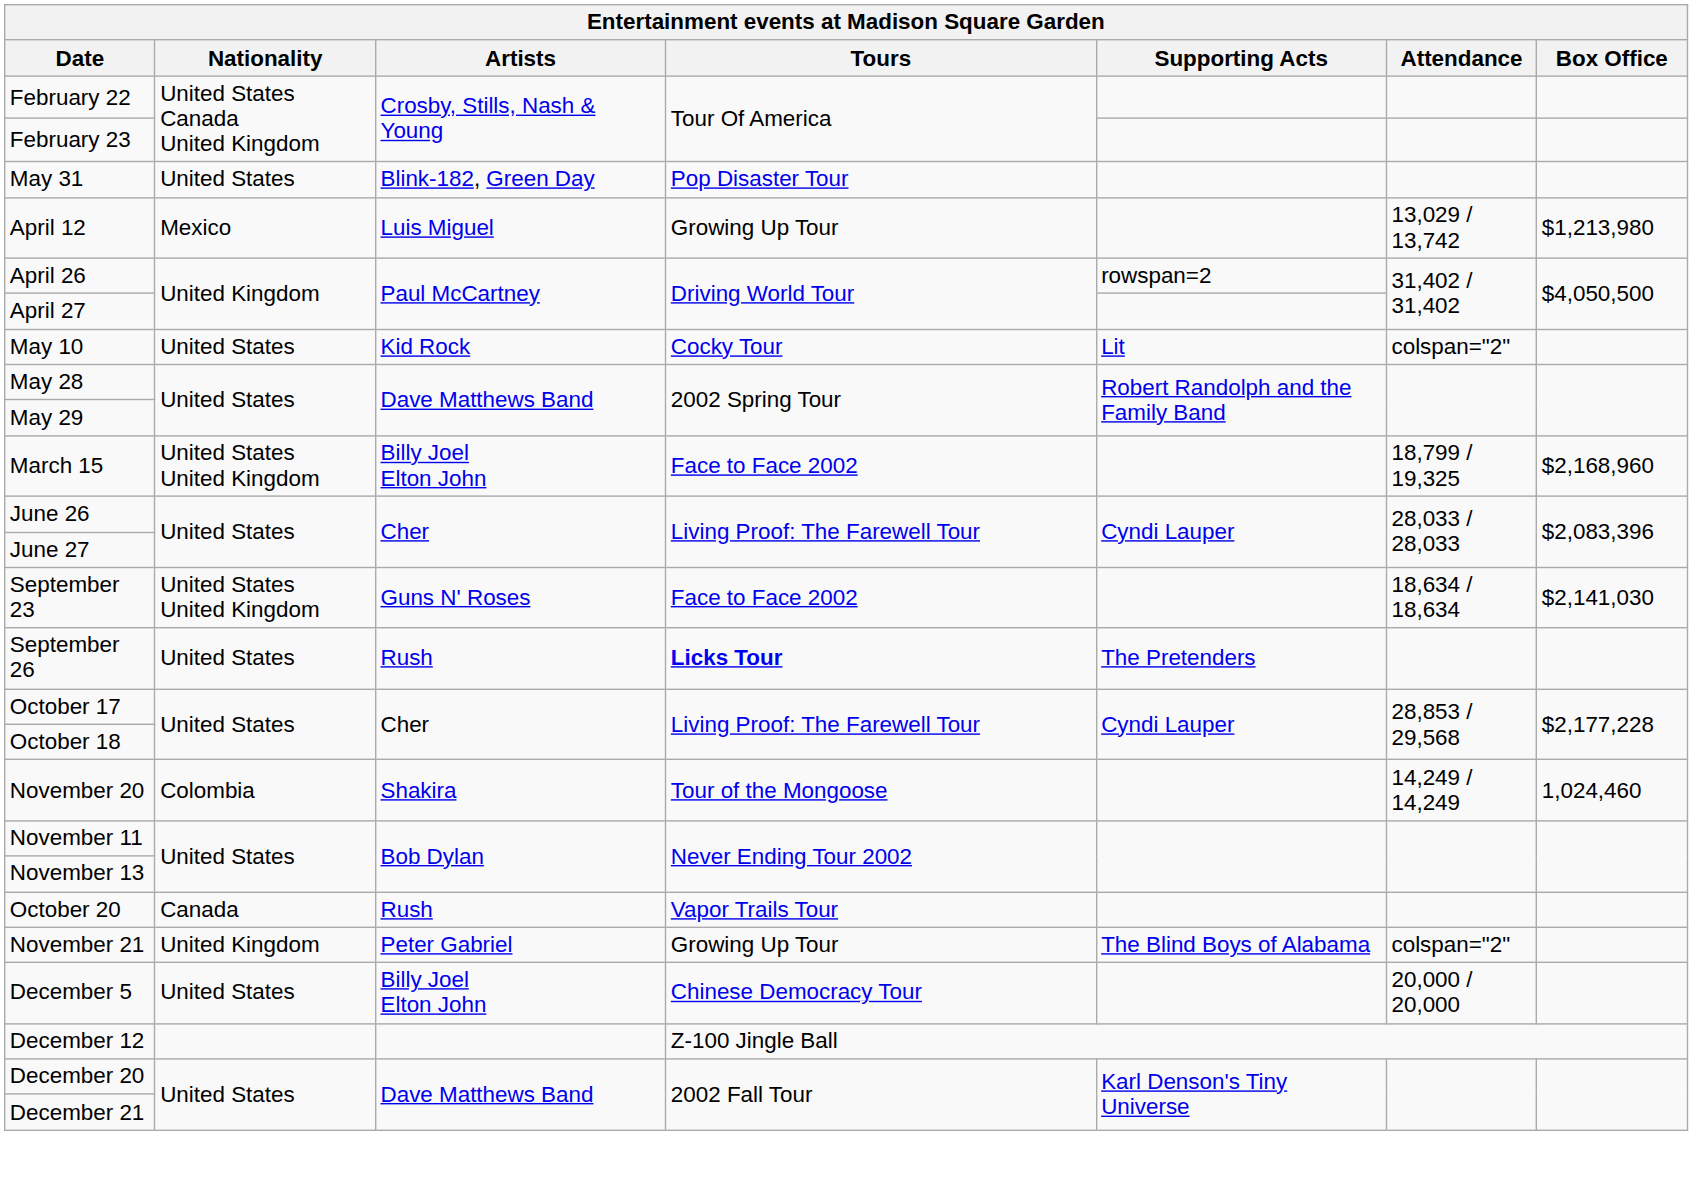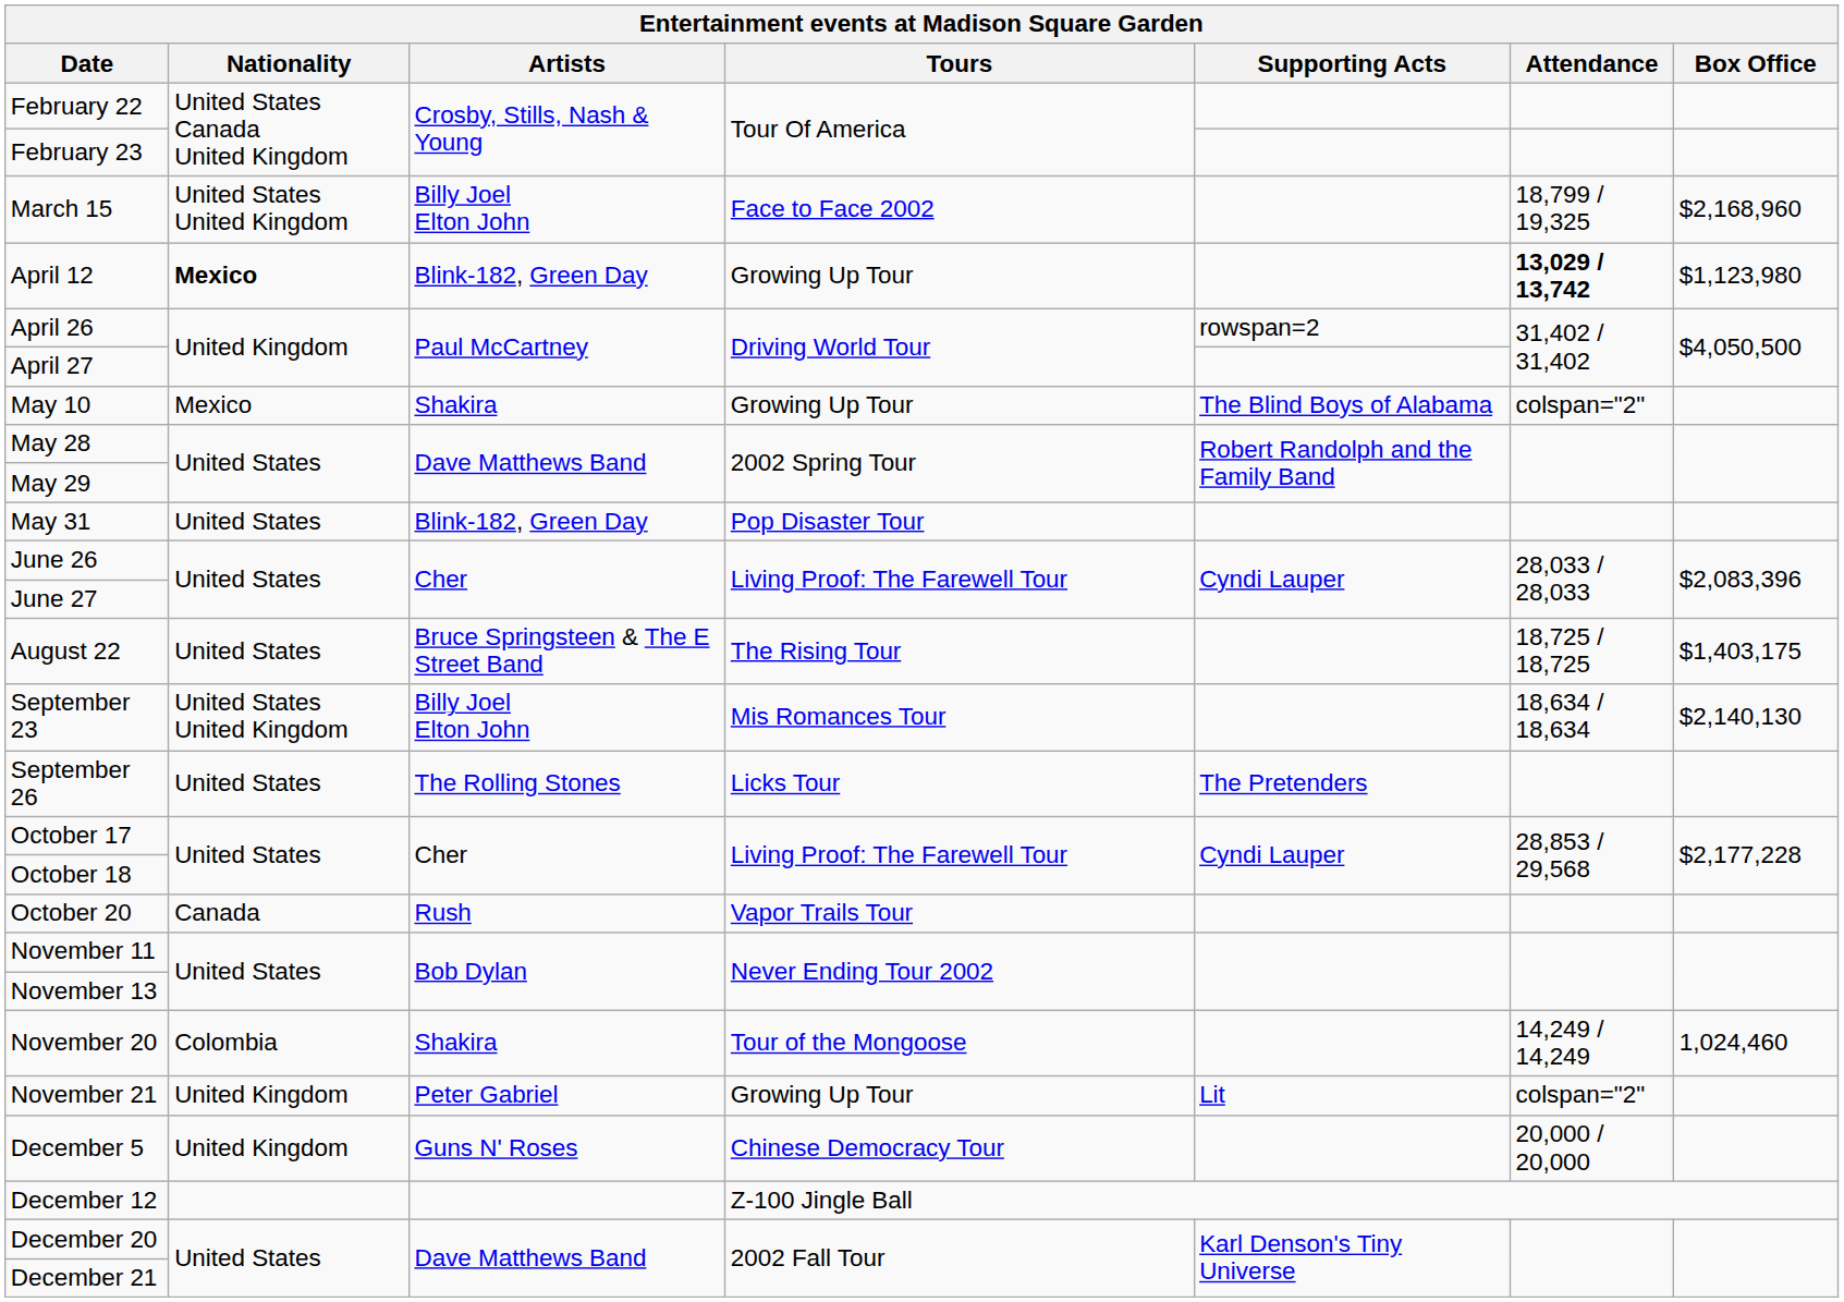 <table class="wikitable">
 <tr>
 <th colspan="7">Entertainment events at Madison Square Garden</th>
 </tr>
 <tr>
 <th width=100>Date</th>
 <th width=150>Nationality</th>
 <th width=200>Artists</th>
 <th width=300>Tours</th>
 <th width=200>Supporting Acts</th>
 <th width=100>Attendance</th>
 <th width=100>Box Office</th>
 </tr>
 <tr>
 <td>February 22</td>
 <td rowspan="2">United States<br>Canada<br>United Kingdom</td>
 <td rowspan="2"><a href='#'>Crosby, Stills, Nash & Young</a></td>
 <td rowspan="2">Tour Of America</td>
 <td></td>
 <td></td>
 <td></td>
 </tr>
 <tr>
 <td>February 23</td>
 <td></td>
 <td></td>
 <td></td>
 </tr>
 <tr>
-<td>May 31</td>
-<td>United States</td>
-<td><a href='#'>Blink-182</a>, <a href='#'>Green Day</a></td>
-<td><a href='#'>Pop Disaster Tour</a></td>
+<td>March 15</td>
+<td>United States<br>United Kingdom</td>
+<td><a href='#'>Billy Joel</a><br><a href='#'>Elton John</a></td>
+<td><a href='#'>Face to Face 2002</a></td>
 <td></td>
-<td></td>
-<td></td>
+<td>18,799 / 19,325</td>
+<td>$2,168,960</td>
 </tr>
 <tr>
 <td>April 12</td>
-<td>Mexico</td>
-<td><a href='#'>Luis Miguel</a></td>
+<td><strong>Mexico</strong></td>
+<td><a href='#'>Blink-182</a>, <a href='#'>Green Day</a></td>
 <td>Growing Up Tour</td>
 <td></td>
-<td>13,029 / 13,742</td>
-<td>$1,213,980</td>
+<td><strong>13,029 / 13,742</strong></td>
+<td>$1,123,980</td>
 </tr>
 <tr>
 <td>April 26</td>
 <td rowspan=2>United Kingdom</td>
 <td rowspan=2><a href='#'>Paul McCartney</a></td>
 <td rowspan=2><a href='#'>Driving World Tour</a></td>
 <td>rowspan=2</td>
 <td rowspan=2>31,402 / 31,402</td>
 <td rowspan=2>$4,050,500</td>
 </tr>
 <tr>
 <td>April 27</td>
 </tr>
 <tr>
 <td>May 10</td>
-<td>United States</td>
-<td><a href='#'>Kid Rock</a></td>
-<td><a href='#'>Cocky Tour</a></td>
-<td><a href='#'>Lit</a></td>
+<td>Mexico</td>
+<td><a href='#'>Shakira</a></td>
+<td>Growing Up Tour</td>
+<td><a href='#'>The Blind Boys of Alabama</a></td>
 <td>colspan="2" </td>
 </tr>
 <tr>
 <td>May 28</td>
 <td rowspan="2">United States</td>
 <td rowspan="2"><a href='#'>Dave Matthews Band</a></td>
 <td rowspan="2">2002 Spring Tour</td>
 <td rowspan="2"><a href='#'>Robert Randolph and the Family Band</a></td>
 <td rowspan="2"></td>
 <td rowspan="2"></td>
 </tr>
 <tr>
 <td>May 29</td>
 </tr>
 <tr>
-<td>March 15</td>
-<td>United States<br>United Kingdom</td>
-<td><a href='#'>Billy Joel</a><br><a href='#'>Elton John</a></td>
-<td><a href='#'>Face to Face 2002</a></td>
+<td>May 31</td>
+<td>United States</td>
+<td><a href='#'>Blink-182</a>, <a href='#'>Green Day</a></td>
+<td><a href='#'>Pop Disaster Tour</a></td>
 <td></td>
-<td>18,799 / 19,325</td>
-<td>$2,168,960</td>
+<td></td>
+<td></td>
 </tr>
 <tr>
 <td>June 26</td>
 <td rowspan="2">United States</td>
 <td rowspan="2"><a href='#'>Cher</a></td>
 <td rowspan="2"><a href='#'>Living Proof: The Farewell Tour</a></td>
 <td rowspan="2"><a href='#'>Cyndi Lauper</a></td>
 <td rowspan="2">28,033 / 28,033</td>
 <td rowspan="2">$2,083,396</td>
 </tr>
 <tr>
 <td>June 27</td>
 </tr>
 <tr>
+<td>August 22</td>
+<td>United States</td>
+<td><a href='#'>Bruce Springsteen</a> & <a href='#'>The E Street Band</a></td>
+<td><a href='#'>The Rising Tour</a></td>
+<td></td>
+<td>18,725 / 18,725</td>
+<td>$1,403,175</td>
+</tr>
+<tr>
 <td>September 23</td>
 <td>United States<br>United Kingdom</td>
-<td><a href='#'>Guns N' Roses</a></td>
-<td><a href='#'>Face to Face 2002</a></td>
+<td><a href='#'>Billy Joel</a><br><a href='#'>Elton John</a></td>
+<td><a href='#'>Mis Romances Tour</a></td>
 <td></td>
 <td>18,634 / 18,634</td>
-<td>$2,141,030</td>
+<td>$2,140,130</td>
 </tr>
 <tr>
 <td>September 26</td>
 <td>United States</td>
-<td><a href='#'>Rush</a></td>
-<td><strong><a href='#'>Licks Tour</a></strong></td>
+<td><a href='#'>The Rolling Stones</a></td>
+<td><a href='#'>Licks Tour</a></td>
 <td><a href='#'>The Pretenders</a></td>
 <td></td>
 <td></td>
 </tr>
 <tr>
 <td>October 17</td>
 <td rowspan="2">United States</td>
 <td rowspan="2">Cher</td>
 <td rowspan="2"><a href='#'>Living Proof: The Farewell Tour</a></td>
 <td rowspan="2"><a href='#'>Cyndi Lauper</a></td>
 <td rowspan="2">28,853 / 29,568</td>
 <td rowspan="2">$2,177,228</td>
 </tr>
 <tr>
 <td>October 18</td>
 </tr>
 <tr>
-<td>November 20</td>
-<td>Colombia</td>
-<td><a href='#'>Shakira</a></td>
-<td><a href='#'>Tour of the Mongoose</a></td>
+<td>October 20</td>
+<td>Canada</td>
+<td><a href='#'>Rush</a></td>
+<td><a href='#'>Vapor Trails Tour</a></td>
 <td></td>
-<td>14,249 / 14,249</td>
-<td>1,024,460</td>
+<td></td>
+<td></td>
 </tr>
 <tr>
 <td>November 11</td>
 <td rowspan=2>United States</td>
 <td rowspan=2><a href='#'>Bob Dylan</a></td>
 <td rowspan=2><a href='#'>Never Ending Tour 2002</a></td>
 <td rowspan=2></td>
 <td rowspan=2></td>
 <td rowspan=2></td>
 </tr>
 <tr>
 <td>November 13</td>
 </tr>
 <tr>
-<td>October 20</td>
-<td>Canada</td>
-<td><a href='#'>Rush</a></td>
-<td><a href='#'>Vapor Trails Tour</a></td>
+<td>November 20</td>
+<td>Colombia</td>
+<td><a href='#'>Shakira</a></td>
+<td><a href='#'>Tour of the Mongoose</a></td>
 <td></td>
-<td></td>
-<td></td>
+<td>14,249 / 14,249</td>
+<td>1,024,460</td>
 </tr>
 <tr>
 <td>November 21</td>
 <td>United Kingdom</td>
 <td><a href='#'>Peter Gabriel</a></td>
 <td>Growing Up Tour</td>
-<td><a href='#'>The Blind Boys of Alabama</a></td>
+<td><a href='#'>Lit</a></td>
 <td>colspan="2" </td>
 </tr>
 <tr>
 <td>December 5</td>
-<td>United States</td>
-<td><a href='#'>Billy Joel</a><br><a href='#'>Elton John</a></td>
+<td>United Kingdom</td>
+<td><a href='#'>Guns N' Roses</a></td>
 <td><a href='#'>Chinese Democracy Tour</a></td>
 <td></td>
 <td>20,000 / 20,000</td>
 <td></td>
 </tr>
 <tr>
 <td>December 12</td>
 <td></td>
 <td></td>
 <td colspan="4">Z-100 Jingle Ball</td>
 </tr>
 <tr>
 <td>December 20</td>
 <td rowspan="2">United States</td>
 <td rowspan="2"><a href='#'>Dave Matthews Band</a></td>
 <td rowspan="2">2002 Fall Tour</td>
 <td rowspan="2"><a href='#'>Karl Denson's Tiny Universe</a></td>
 <td rowspan="2"></td>
 <td rowspan="2"></td>
 </tr>
 <tr>
 <td>December 21</td>
 </tr>
 </table>
